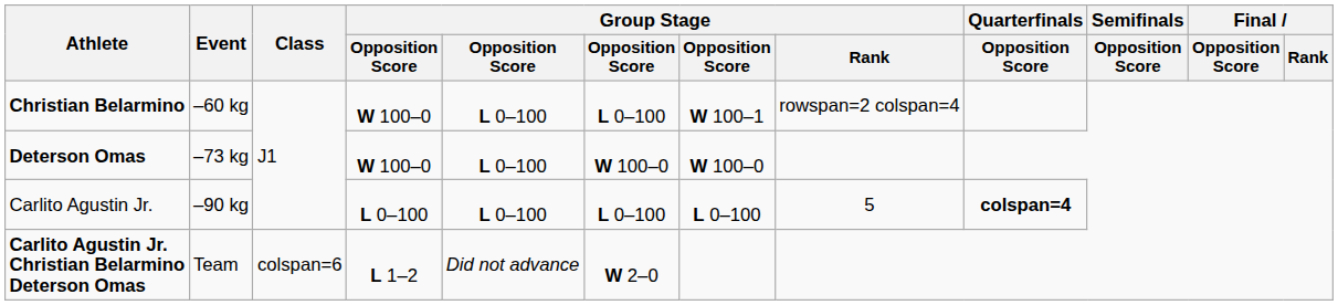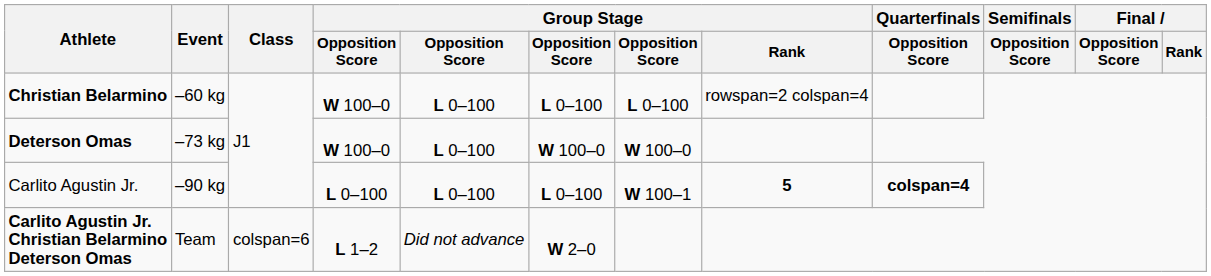 <table class="wikitable" style="font-size:90%; text-align:center">
 <tr>
 <th rowspan=2>Athlete</th>
 <th rowspan=2>Event</th>
 <th rowspan=2>Class</th>
 <th colspan=5>Group Stage</th>
 <th>Quarterfinals</th>
 <th>Semifinals</th>
 <th colspan=2>Final / </th>
 </tr>
 <tr style="font-size:90%">
 <th>Opposition<br>Score</th>
 <th>Opposition<br>Score</th>
 <th>Opposition<br>Score</th>
 <th>Opposition<br>Score</th>
 <th>Rank</th>
 <th>Opposition<br>Score</th>
 <th>Opposition<br>Score</th>
 <th>Opposition<br>Score</th>
 <th>Rank</th>
 </tr>
 <tr align=center>
 <td align=left><strong>Christian Belarmino</strong></td>
 <td align=left>–60 kg</td>
 <td rowspan=3 align=left>J1</td>
 <td><br><strong>W</strong> 100–0</td>
 <td><br><strong>L</strong> 0–100</td>
 <td><br><strong>L</strong> 0–100</td>
-<td><br><strong>W</strong> 100–1</td>
+<td><br><strong>L</strong> 0–100</td>
 <td>rowspan=2 colspan=4 </td>
 <td></td>
 </tr>
 <tr align=center>
 <td align=left><strong>Deterson Omas</strong></td>
 <td align=left>–73 kg</td>
 <td><br><strong>W</strong> 100–0</td>
 <td><br><strong>L</strong> 0–100</td>
 <td><br><strong>W</strong> 100–0</td>
 <td><br><strong>W</strong> 100–0</td>
 <td></td>
 </tr>
 <tr align=center>
 <td align=left>Carlito Agustin Jr.</td>
 <td align=left>–90 kg</td>
 <td><br><strong>L</strong> 0–100</td>
 <td><br><strong>L</strong> 0–100</td>
 <td><br><strong>L</strong> 0–100</td>
-<td><br><strong>L</strong> 0–100</td>
-<td>5</td>
+<td><br><strong>W</strong> 100–1</td>
+<td><strong>5</strong></td>
 <td><strong>colspan=4 </strong></td>
 </tr>
 <tr align=center>
 <td align=left><strong>Carlito Agustin Jr.<br>Christian Belarmino<br>Deterson Omas</strong></td>
 <td align=left>Team</td>
 <td>colspan=6 </td>
 <td><br><strong>L</strong> 1–2</td>
 <td><em>Did not advance</em></td>
 <td><br><strong>W</strong> 2–0</td>
 <td></td>
 </tr>
 </table>
